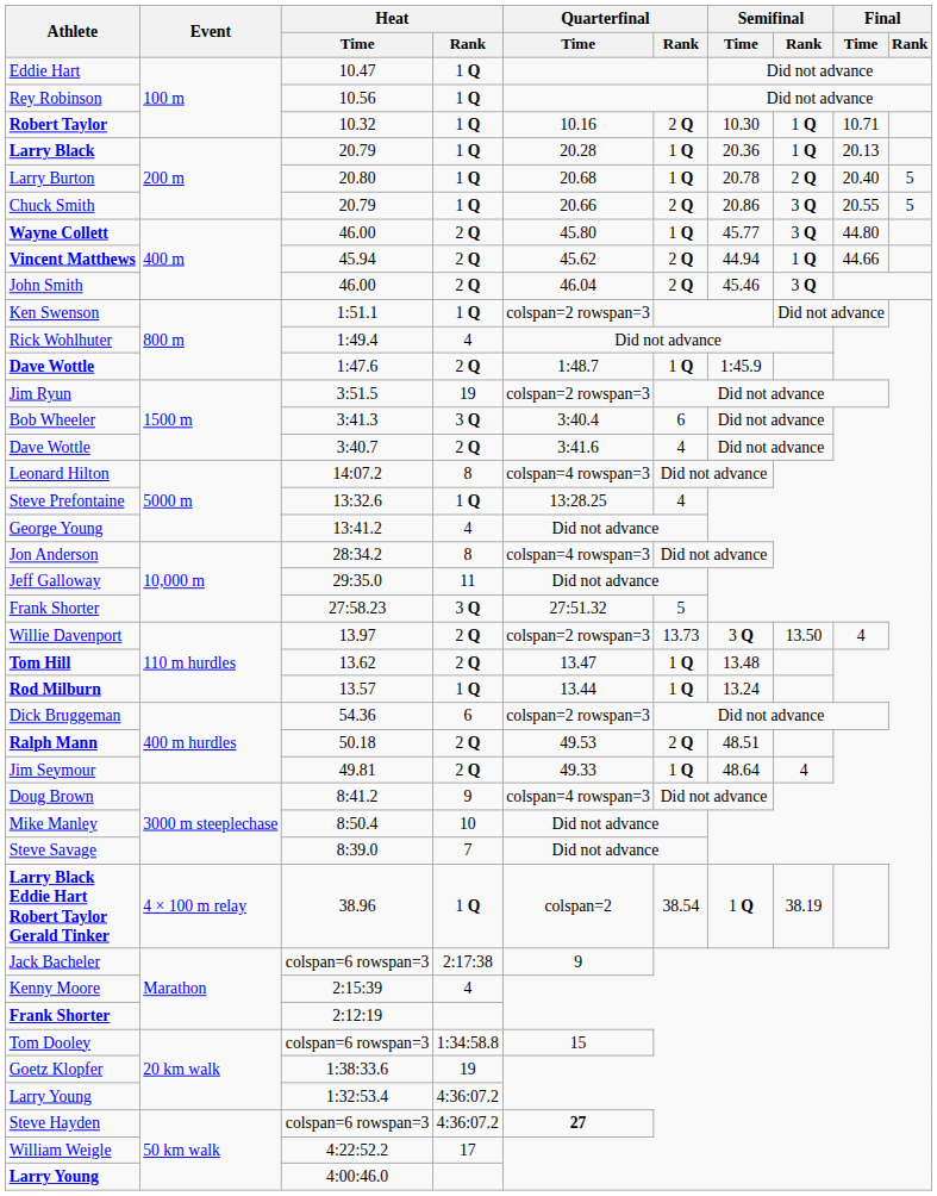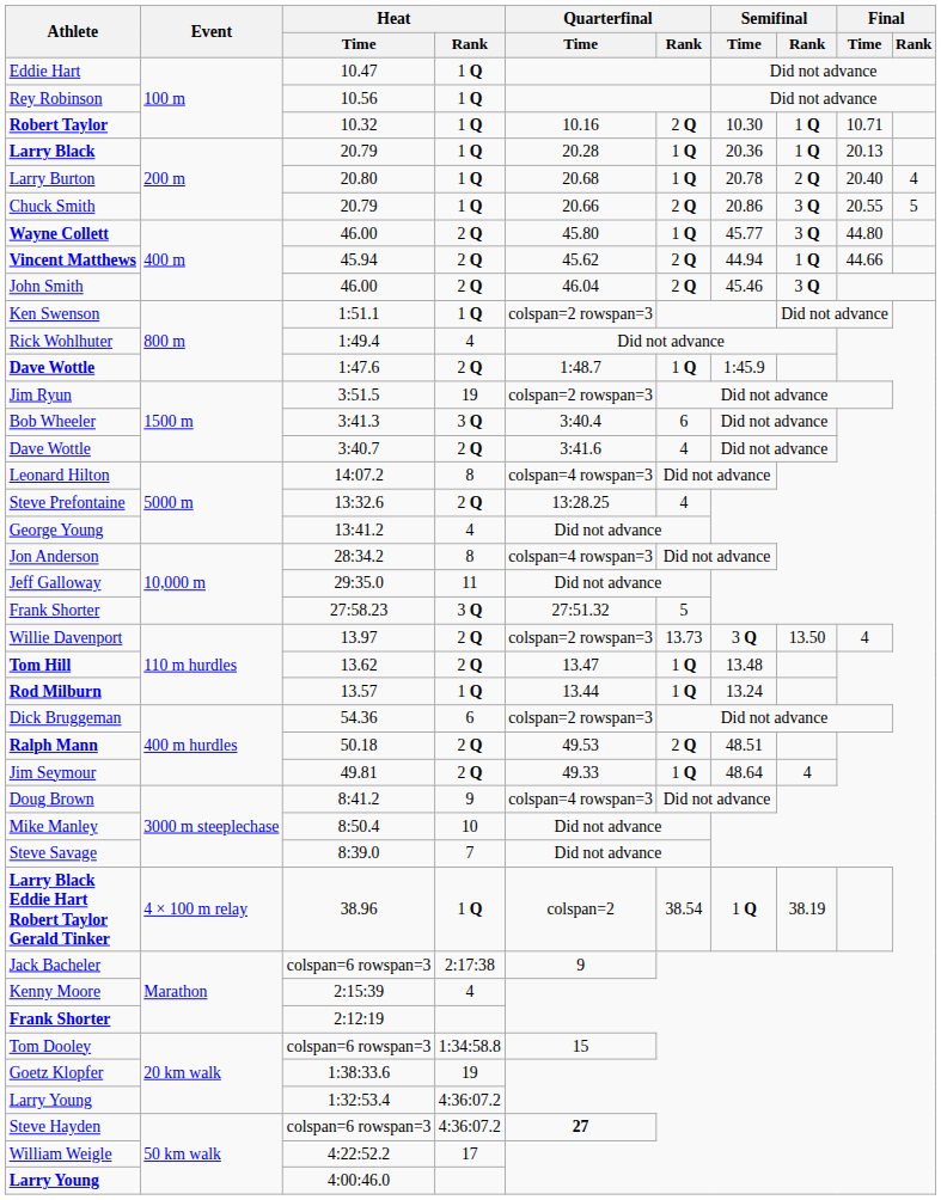 <table class=wikitable style=font-size:90%;text-align:center>
 <tr>
 <th rowspan=2>Athlete</th>
 <th rowspan=2>Event</th>
 <th colspan=2>Heat</th>
 <th colspan=2>Quarterfinal</th>
 <th colspan=2>Semifinal</th>
 <th colspan=2>Final</th>
 </tr>
 <tr style=font-size:95%>
 <th>Time</th>
 <th>Rank</th>
 <th>Time</th>
 <th>Rank</th>
 <th>Time</th>
 <th>Rank</th>
 <th>Time</th>
 <th>Rank</th>
 </tr>
 <tr>
 <td align=left><a href='#'>Eddie Hart</a></td>
 <td align=left rowspan=3><a href='#'>100 m</a></td>
 <td>10.47</td>
 <td>1 <strong>Q</strong></td>
 <td colspan=2></td>
 <td colspan=4>Did not advance</td>
 </tr>
 <tr>
 <td align=left><a href='#'>Rey Robinson</a></td>
 <td>10.56</td>
 <td>1 <strong>Q</strong></td>
 <td colspan=2></td>
 <td colspan=4>Did not advance</td>
 </tr>
 <tr>
 <td align=left><strong><a href='#'>Robert Taylor</a></strong></td>
 <td>10.32</td>
 <td>1 <strong>Q</strong></td>
 <td>10.16</td>
 <td>2 <strong>Q</strong></td>
 <td>10.30</td>
 <td>1 <strong>Q</strong></td>
 <td>10.71</td>
 <td></td>
 </tr>
 <tr>
 <td align=left><strong><a href='#'>Larry Black</a></strong></td>
 <td align=left rowspan=3><a href='#'>200 m</a></td>
 <td>20.79</td>
 <td>1 <strong>Q</strong></td>
 <td>20.28</td>
 <td>1 <strong>Q</strong></td>
 <td>20.36</td>
 <td>1 <strong>Q</strong></td>
 <td>20.13</td>
 <td></td>
 </tr>
 <tr>
 <td align=left><a href='#'>Larry Burton</a></td>
 <td>20.80</td>
 <td>1 <strong>Q</strong></td>
 <td>20.68</td>
 <td>1 <strong>Q</strong></td>
 <td>20.78</td>
 <td>2 <strong>Q</strong></td>
 <td>20.40</td>
-<td>5</td>
+<td>4</td>
 </tr>
 <tr>
 <td align=left><a href='#'>Chuck Smith</a></td>
 <td>20.79</td>
 <td>1 <strong>Q</strong></td>
 <td>20.66</td>
 <td>2 <strong>Q</strong></td>
 <td>20.86</td>
 <td>3 <strong>Q</strong></td>
 <td>20.55</td>
 <td>5</td>
 </tr>
 <tr>
 <td align=left><strong><a href='#'>Wayne Collett</a></strong></td>
 <td align=left rowspan=3><a href='#'>400 m</a></td>
 <td>46.00</td>
 <td>2 <strong>Q</strong></td>
 <td>45.80</td>
 <td>1 <strong>Q</strong></td>
 <td>45.77</td>
 <td>3 <strong>Q</strong></td>
 <td>44.80</td>
 <td></td>
 </tr>
 <tr>
 <td align=left><strong><a href='#'>Vincent Matthews</a></strong></td>
 <td>45.94</td>
 <td>2 <strong>Q</strong></td>
 <td>45.62</td>
 <td>2 <strong>Q</strong></td>
 <td>44.94</td>
 <td>1 <strong>Q</strong></td>
 <td>44.66</td>
 <td></td>
 </tr>
 <tr>
 <td align=left><a href='#'>John Smith</a></td>
 <td>46.00</td>
 <td>2 <strong>Q</strong></td>
 <td>46.04</td>
 <td>2 <strong>Q</strong></td>
 <td>45.46</td>
 <td>3 <strong>Q</strong></td>
 <td colspan=2></td>
 </tr>
 <tr>
 <td align=left><a href='#'>Ken Swenson</a></td>
 <td align=left rowspan=3><a href='#'>800 m</a></td>
 <td>1:51.1</td>
 <td>1 <strong>Q</strong></td>
 <td>colspan=2 rowspan=3 </td>
 <td colspan=2></td>
 <td colspan=2>Did not advance</td>
 </tr>
 <tr>
 <td align=left><a href='#'>Rick Wohlhuter</a></td>
 <td>1:49.4</td>
 <td>4</td>
 <td colspan=4>Did not advance</td>
 </tr>
 <tr>
 <td align=left><strong><a href='#'>Dave Wottle</a></strong></td>
 <td>1:47.6</td>
 <td>2 <strong>Q</strong></td>
 <td>1:48.7</td>
 <td>1 <strong>Q</strong></td>
 <td>1:45.9</td>
 <td></td>
 </tr>
 <tr>
 <td align=left><a href='#'>Jim Ryun</a></td>
 <td align=left rowspan=3><a href='#'>1500 m</a></td>
 <td>3:51.5</td>
 <td>19</td>
 <td>colspan=2 rowspan=3 </td>
 <td colspan=4>Did not advance</td>
 </tr>
 <tr>
 <td align=left><a href='#'>Bob Wheeler</a></td>
 <td>3:41.3</td>
 <td>3 <strong>Q</strong></td>
 <td>3:40.4</td>
 <td>6</td>
 <td colspan=2>Did not advance</td>
 </tr>
 <tr>
 <td align=left><a href='#'>Dave Wottle</a></td>
 <td>3:40.7</td>
 <td>2 <strong>Q</strong></td>
 <td>3:41.6</td>
 <td>4</td>
 <td colspan=2>Did not advance</td>
 </tr>
 <tr>
 <td align=left><a href='#'>Leonard Hilton</a></td>
 <td align=left rowspan=3><a href='#'>5000 m</a></td>
 <td>14:07.2</td>
 <td>8</td>
 <td>colspan=4 rowspan=3 </td>
 <td colspan=2>Did not advance</td>
 </tr>
 <tr>
 <td align=left><a href='#'>Steve Prefontaine</a></td>
 <td>13:32.6</td>
-<td>1 <strong>Q</strong></td>
+<td>2 <strong>Q</strong></td>
 <td>13:28.25</td>
 <td>4</td>
 </tr>
 <tr>
 <td align=left><a href='#'>George Young</a></td>
 <td>13:41.2</td>
 <td>4</td>
 <td colspan=2>Did not advance</td>
 </tr>
 <tr>
 <td align=left><a href='#'>Jon Anderson</a></td>
 <td align=left rowspan=3><a href='#'>10,000 m</a></td>
 <td>28:34.2</td>
 <td>8</td>
 <td>colspan=4 rowspan=3 </td>
 <td colspan=2>Did not advance</td>
 </tr>
 <tr>
 <td align=left><a href='#'>Jeff Galloway</a></td>
 <td>29:35.0</td>
 <td>11</td>
 <td colspan=2>Did not advance</td>
 </tr>
 <tr>
 <td align=left><a href='#'>Frank Shorter</a></td>
 <td>27:58.23</td>
 <td>3 <strong>Q</strong></td>
 <td>27:51.32</td>
 <td>5</td>
 </tr>
 <tr>
 <td align=left><a href='#'>Willie Davenport</a></td>
 <td align=left rowspan=3><a href='#'>110 m hurdles</a></td>
 <td>13.97</td>
 <td>2 <strong>Q</strong></td>
 <td>colspan=2 rowspan=3 </td>
 <td>13.73</td>
 <td>3 <strong>Q</strong></td>
 <td>13.50</td>
 <td>4</td>
 </tr>
 <tr>
 <td align=left><strong><a href='#'>Tom Hill</a></strong></td>
 <td>13.62</td>
 <td>2 <strong>Q</strong></td>
 <td>13.47</td>
 <td>1 <strong>Q</strong></td>
 <td>13.48</td>
 <td></td>
 </tr>
 <tr>
 <td align=left><strong><a href='#'>Rod Milburn</a></strong></td>
 <td>13.57</td>
 <td>1 <strong>Q</strong></td>
 <td>13.44</td>
 <td>1 <strong>Q</strong></td>
 <td>13.24 </td>
 <td></td>
 </tr>
 <tr>
 <td align=left><a href='#'>Dick Bruggeman</a></td>
 <td align=left rowspan=3><a href='#'>400 m hurdles</a></td>
 <td>54.36</td>
 <td>6</td>
 <td>colspan=2 rowspan=3 </td>
 <td colspan=4>Did not advance</td>
 </tr>
 <tr>
 <td align=left><strong><a href='#'>Ralph Mann</a></strong></td>
 <td>50.18</td>
 <td>2 <strong>Q</strong></td>
 <td>49.53</td>
 <td>2 <strong>Q</strong></td>
 <td>48.51</td>
 <td></td>
 </tr>
 <tr>
 <td align=left><a href='#'>Jim Seymour</a></td>
 <td>49.81</td>
 <td>2 <strong>Q</strong></td>
 <td>49.33</td>
 <td>1 <strong>Q</strong></td>
 <td>48.64</td>
 <td>4</td>
 </tr>
 <tr>
 <td align=left><a href='#'>Doug Brown</a></td>
 <td align=left rowspan=3><a href='#'>3000 m steeplechase</a></td>
 <td>8:41.2</td>
 <td>9</td>
 <td>colspan=4 rowspan=3 </td>
 <td colspan=2>Did not advance</td>
 </tr>
 <tr>
 <td align=left><a href='#'>Mike Manley</a></td>
 <td>8:50.4</td>
 <td>10</td>
 <td colspan=2>Did not advance</td>
 </tr>
 <tr>
 <td align=left><a href='#'>Steve Savage</a></td>
 <td>8:39.0</td>
 <td>7</td>
 <td colspan=2>Did not advance</td>
 </tr>
 <tr>
 <td align=left><strong><a href='#'>Larry Black</a><br><a href='#'>Eddie Hart</a><br><a href='#'>Robert Taylor</a><br><a href='#'>Gerald Tinker</a></strong></td>
 <td align=left><a href='#'>4 × 100 m relay</a></td>
 <td>38.96</td>
 <td>1 <strong>Q</strong></td>
 <td>colspan=2 </td>
 <td>38.54</td>
 <td>1 <strong>Q</strong></td>
 <td>38.19 </td>
 <td></td>
 </tr>
 <tr>
 <td align=left><a href='#'>Jack Bacheler</a></td>
 <td align=left rowspan=3><a href='#'>Marathon</a></td>
 <td>colspan=6 rowspan=3 </td>
 <td>2:17:38</td>
 <td>9</td>
 </tr>
 <tr>
 <td align=left><a href='#'>Kenny Moore</a></td>
 <td>2:15:39</td>
 <td>4</td>
 </tr>
 <tr>
 <td align=left><strong><a href='#'>Frank Shorter</a></strong></td>
 <td>2:12:19</td>
 <td></td>
 </tr>
 <tr>
 <td align=left><a href='#'>Tom Dooley</a></td>
 <td align=left rowspan=3><a href='#'>20 km walk</a></td>
 <td>colspan=6 rowspan=3 </td>
 <td>1:34:58.8</td>
 <td>15</td>
 </tr>
 <tr>
 <td align=left><a href='#'>Goetz Klopfer</a></td>
 <td>1:38:33.6</td>
 <td>19</td>
 </tr>
 <tr>
 <td align=left><a href='#'>Larry Young</a></td>
 <td>1:32:53.4</td>
 <td>4:36:07.2</td>
 </tr>
 <tr>
 <td align=left><a href='#'>Steve Hayden</a></td>
 <td align=left rowspan=3><a href='#'>50 km walk</a></td>
 <td>colspan=6 rowspan=3 </td>
 <td>4:36:07.2</td>
 <td><strong>27</strong></td>
 </tr>
 <tr>
 <td align=left><a href='#'>William Weigle</a></td>
 <td>4:22:52.2</td>
 <td>17</td>
 </tr>
 <tr>
 <td align=left><strong><a href='#'>Larry Young</a></strong></td>
 <td>4:00:46.0</td>
 <td></td>
 </tr>
 </table>
